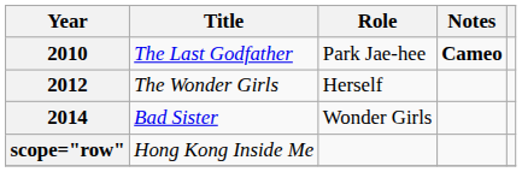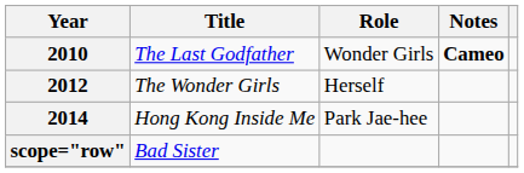 <table class="wikitable sortable plainrowheaders">
 <tr>
 <th scope="col">Year</th>
 <th scope="col">Title</th>
 <th scope="col">Role</th>
 <th scope="col">Notes</th>
 <th scope="col" class="unsortable"></th>
 </tr>
 <tr>
 <th scope="row">2010</th>
 <td><em><a href='#'>The Last Godfather</a></em></td>
-<td>Park Jae-hee</td>
+<td>Wonder Girls</td>
 <td><strong>Cameo</strong></td>
 <td></td>
 </tr>
 <tr>
 <th scope="row">2012</th>
 <td><em>The Wonder Girls</em></td>
 <td>Herself</td>
 <td></td>
 <td></td>
 </tr>
 <tr>
 <th scope="row">2014</th>
-<td><em><a href='#'>Bad Sister</a></em></td>
-<td>Wonder Girls</td>
+<td><em>Hong Kong Inside Me</em></td>
+<td>Park Jae-hee</td>
 <td></td>
 <td></td>
 </tr>
 <tr>
 <th>scope="row" </th>
-<td><em>Hong Kong Inside Me</em></td>
+<td><em><a href='#'>Bad Sister</a></em></td>
 <td></td>
 <td></td>
 <td></td>
 </tr>
 <tr>
 </tr>
 </table>
